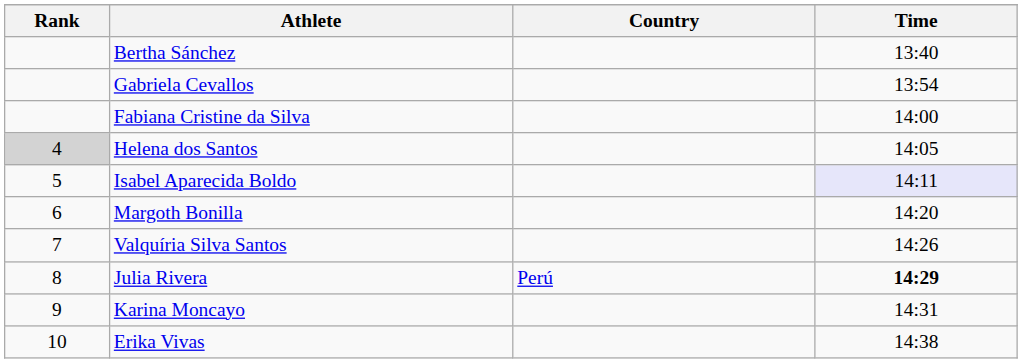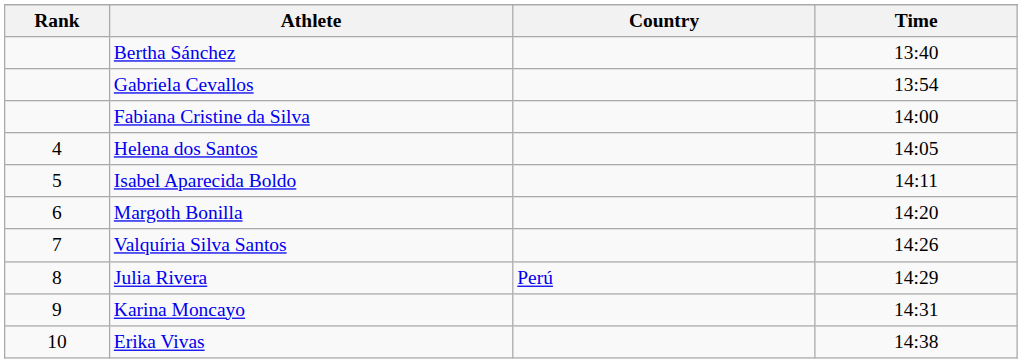 <table class="wikitable sortable" style=" text-align:center; font-size:95%;" width="50%">
 <tr>
 </tr>
 <tr>
 <th width=5%>Rank</th>
 <th width=20%>Athlete</th>
 <th width=15%>Country</th>
 <th width=10%>Time</th>
 </tr>
 <tr>
 <td align=center></td>
 <td align=left><a href='#'>Bertha Sánchez</a></td>
 <td align=left></td>
 <td>13:40</td>
 </tr>
 <tr>
 <td align=center></td>
 <td align=left><a href='#'>Gabriela Cevallos</a></td>
 <td align=left></td>
 <td>13:54</td>
 </tr>
 <tr>
 <td align=center></td>
 <td align=left><a href='#'>Fabiana Cristine da Silva</a></td>
 <td align=left></td>
 <td>14:00</td>
 </tr>
 <tr>
-<td align=center style="background: lightgrey;">4</td>
+<td align=center>4</td>
 <td align=left><a href='#'>Helena dos Santos</a></td>
 <td align=left></td>
 <td>14:05</td>
 </tr>
 <tr>
 <td align=center>5</td>
 <td align=left><a href='#'>Isabel Aparecida Boldo</a></td>
 <td align=left></td>
-<td style="background: lavender;">14:11</td>
+<td>14:11</td>
 </tr>
 <tr>
 <td align=center>6</td>
 <td align=left><a href='#'>Margoth Bonilla</a></td>
 <td align=left></td>
 <td>14:20</td>
 </tr>
 <tr>
 <td align=center>7</td>
 <td align=left><a href='#'>Valquíria Silva Santos</a></td>
 <td align=left></td>
 <td>14:26</td>
 </tr>
 <tr>
 <td align=center>8</td>
 <td align=left><a href='#'>Julia Rivera</a></td>
 <td align=left> <a href='#'>Perú</a></td>
-<td><strong>14:29</strong></td>
+<td>14:29</td>
 </tr>
 <tr>
 <td align=center>9</td>
 <td align=left><a href='#'>Karina Moncayo</a></td>
 <td align=left></td>
 <td>14:31</td>
 </tr>
 <tr>
 <td align=center>10</td>
 <td align=left><a href='#'>Erika Vivas</a></td>
 <td align=left></td>
 <td>14:38</td>
 </tr>
 </table>
